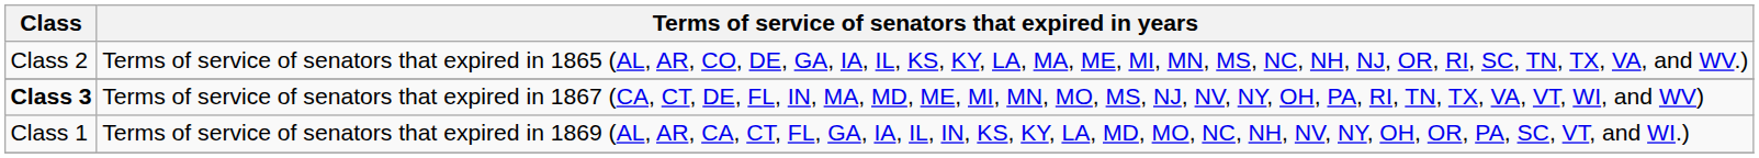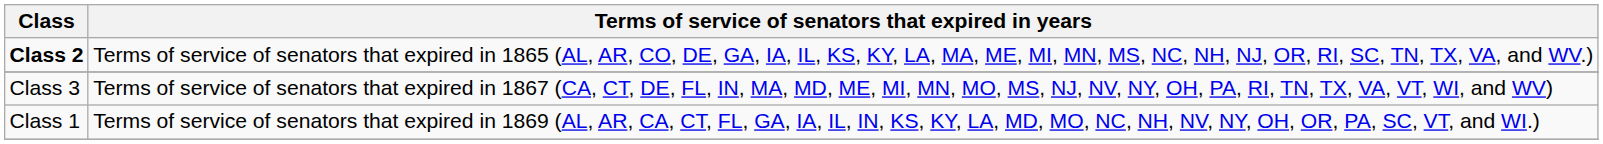 <table class="wikitable sortable">
 <tr valign=bottom>
 <th>Class</th>
 <th>Terms of service of senators that expired in years</th>
 </tr>
 <tr>
-<td>Class 2</td>
+<td><strong>Class 2</strong></td>
 <td>Terms of service of senators that expired in 1865 (<a href='#'>AL</a>, <a href='#'>AR</a>, <a href='#'>CO</a>, <a href='#'>DE</a>, <a href='#'>GA</a>, <a href='#'>IA</a>, <a href='#'>IL</a>, <a href='#'>KS</a>, <a href='#'>KY</a>, <a href='#'>LA</a>, <a href='#'>MA</a>, <a href='#'>ME</a>, <a href='#'>MI</a>, <a href='#'>MN</a>, <a href='#'>MS</a>, <a href='#'>NC</a>, <a href='#'>NH</a>, <a href='#'>NJ</a>, <a href='#'>OR</a>, <a href='#'>RI</a>, <a href='#'>SC</a>, <a href='#'>TN</a>, <a href='#'>TX</a>, <a href='#'>VA</a>, and <a href='#'>WV</a>.)</td>
 </tr>
 <tr>
 </tr>
 <tr>
-<td><strong>Class 3</strong></td>
+<td>Class 3</td>
 <td>Terms of service of senators that expired in 1867 (<a href='#'>CA</a>, <a href='#'>CT</a>, <a href='#'>DE</a>, <a href='#'>FL</a>, <a href='#'>IN</a>, <a href='#'>MA</a>, <a href='#'>MD</a>, <a href='#'>ME</a>,  <a href='#'>MI</a>, <a href='#'>MN</a>, <a href='#'>MO</a>, <a href='#'>MS</a>, <a href='#'>NJ</a>,  <a href='#'>NV</a>, <a href='#'>NY</a>, <a href='#'>OH</a>, <a href='#'>PA</a>, <a href='#'>RI</a>, <a href='#'>TN</a>, <a href='#'>TX</a>, <a href='#'>VA</a>, <a href='#'>VT</a>, <a href='#'>WI</a>, and <a href='#'>WV</a>)</td>
 </tr>
 <tr>
 <td>Class 1</td>
 <td>Terms of service of senators that expired in 1869 (<a href='#'>AL</a>, <a href='#'>AR</a>, <a href='#'>CA</a>, <a href='#'>CT</a>, <a href='#'>FL</a>, <a href='#'>GA</a>, <a href='#'>IA</a>, <a href='#'>IL</a>, <a href='#'>IN</a>, <a href='#'>KS</a>, <a href='#'>KY</a>, <a href='#'>LA</a>, <a href='#'>MD</a>, <a href='#'>MO</a>, <a href='#'>NC</a>, <a href='#'>NH</a>, <a href='#'>NV</a>, <a href='#'>NY</a>, <a href='#'>OH</a>, <a href='#'>OR</a>, <a href='#'>PA</a>, <a href='#'>SC</a>, <a href='#'>VT</a>, and <a href='#'>WI</a>.)</td>
 </tr>
 <tr>
 </tr>
 </table>
